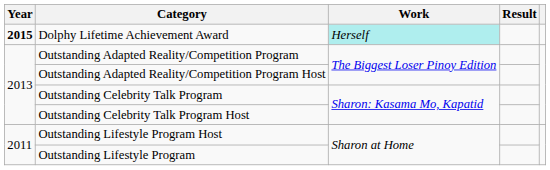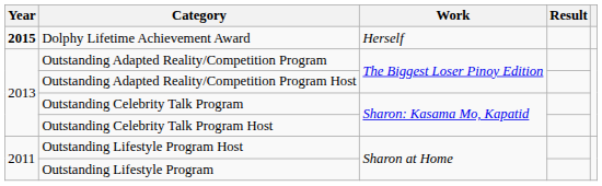 <table class="wikitable sortable">
 <tr>
 <th>Year</th>
 <th>Category</th>
 <th>Work</th>
 <th>Result</th>
 <th></th>
 </tr>
 <tr>
 <td><strong>2015</strong></td>
 <td>Dolphy Lifetime Achievement Award</td>
-<td style="background: paleturquoise;"><em>Herself</em></td>
+<td><em>Herself</em></td>
 <td></td>
 <td></td>
 </tr>
 <tr>
 <td rowspan="4">2013</td>
 <td>Outstanding Adapted Reality/Competition Program</td>
 <td rowspan="2"><em><a href='#'>The Biggest Loser Pinoy Edition</a></em></td>
 <td></td>
 <td rowspan="4"></td>
 </tr>
 <tr>
 <td>Outstanding Adapted Reality/Competition Program Host</td>
 <td></td>
 </tr>
 <tr>
 <td>Outstanding Celebrity Talk Program</td>
 <td rowspan="2"><em><a href='#'>Sharon: Kasama Mo, Kapatid</a></em></td>
 <td></td>
 </tr>
 <tr>
 <td>Outstanding Celebrity Talk Program Host</td>
 <td></td>
 </tr>
 <tr>
 <td rowspan="2">2011</td>
 <td>Outstanding Lifestyle Program Host</td>
 <td rowspan="2"><em>Sharon at Home</em></td>
 <td></td>
 <td rowspan="2"></td>
 </tr>
 <tr>
 <td>Outstanding Lifestyle Program</td>
 <td></td>
 </tr>
 </table>
